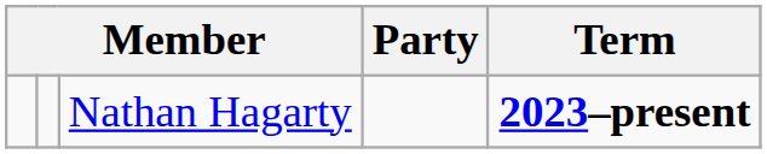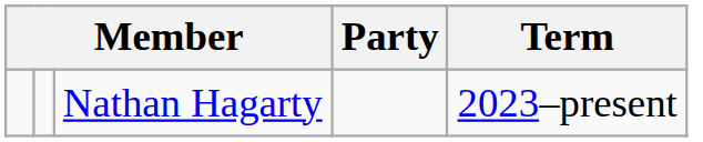 <table class="wikitable">
 <tr>
 <th colspan="3">Member</th>
 <th>Party</th>
 <th>Term</th>
 </tr>
 <tr>
 <td> </td>
 <td></td>
 <td><a href='#'>Nathan Hagarty</a></td>
 <td></td>
-<td><strong><a href='#'>2023</a>–present</strong></td>
+<td><a href='#'>2023</a>–present</td>
 </tr>
 </table>
